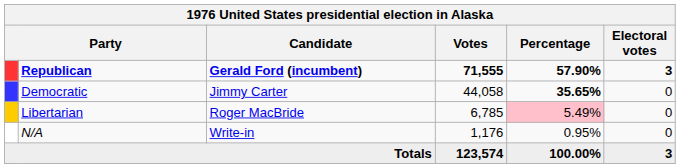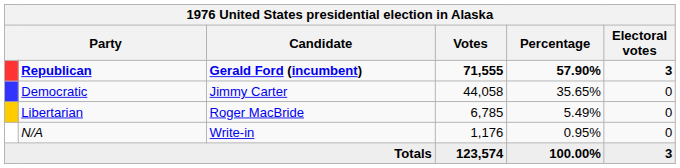 <table class="wikitable" style="font-size: 95%;">
 <tr>
 <th colspan="6">1976 United States presidential election in Alaska</th>
 </tr>
 <tr>
 <th colspan="2" style="width: 15em">Party</th>
 <th style="width: 17em">Candidate</th>
 <th style="width: 5em">Votes</th>
 <th style="width: 7em">Percentage</th>
 <th style="width: 5em">Electoral votes</th>
 </tr>
 <tr>
 <th style="background:#f33; width:3px;"></th>
 <td style="width: 130px"><strong><a href='#'>Republican</a></strong></td>
 <td><strong><a href='#'>Gerald Ford</a> (<a href='#'>incumbent</a>)</strong></td>
 <td style="text-align:right;"><strong>71,555</strong></td>
 <td style="text-align:right;"><strong>57.90%</strong></td>
 <td style="text-align:right;"><strong>3</strong></td>
 </tr>
 <tr>
 <th style="background:#33f; width:3px;"></th>
 <td style="width: 130px"><a href='#'>Democratic</a></td>
 <td><a href='#'>Jimmy Carter</a></td>
 <td style="text-align:right;">44,058</td>
-<td style="text-align:right;"><strong>35.65%</strong></td>
+<td style="text-align:right;">35.65%</td>
 <td style="text-align:right;">0</td>
 </tr>
 <tr>
 <th style="background:#fc0; width:3px;"></th>
 <td style="width: 130px"><a href='#'>Libertarian</a></td>
 <td><a href='#'>Roger MacBride</a></td>
 <td style="text-align:right;">6,785</td>
-<td style="background: pink; text-align:right;">5.49%</td>
+<td style="text-align:right;">5.49%</td>
 <td style="text-align:right;">0</td>
 </tr>
 <tr>
 <th style="background:#fff; width:3px;"></th>
 <td style="width: 130px"><em>N/A</em></td>
 <td><a href='#'>Write-in</a></td>
 <td style="text-align:right;">1,176</td>
 <td style="text-align:right;">0.95%</td>
 <td style="text-align:right;">0</td>
 </tr>
 <tr style="background:#eee; text-align:right;">
 <td colspan="3"><strong>Totals</strong></td>
 <td><strong>123,574</strong></td>
 <td><strong>100.00%</strong></td>
 <td><strong>3</strong></td>
 </tr>
 </table>
